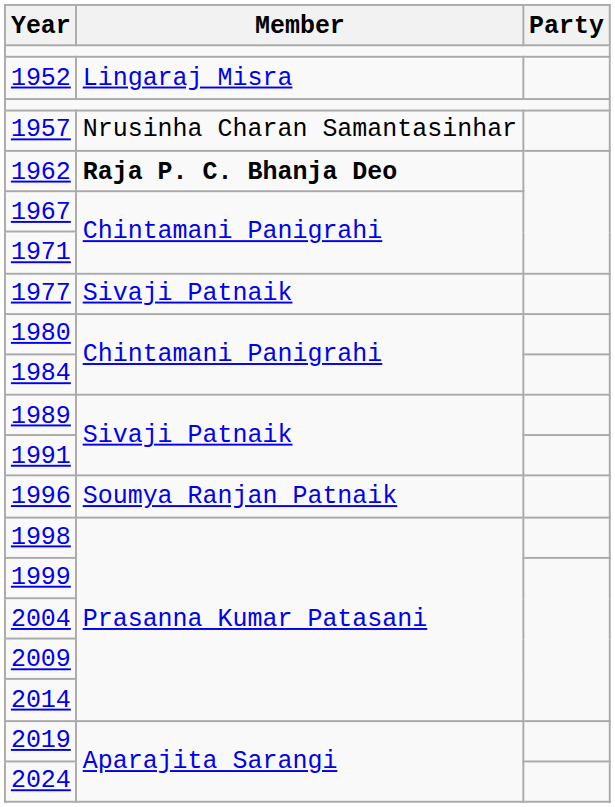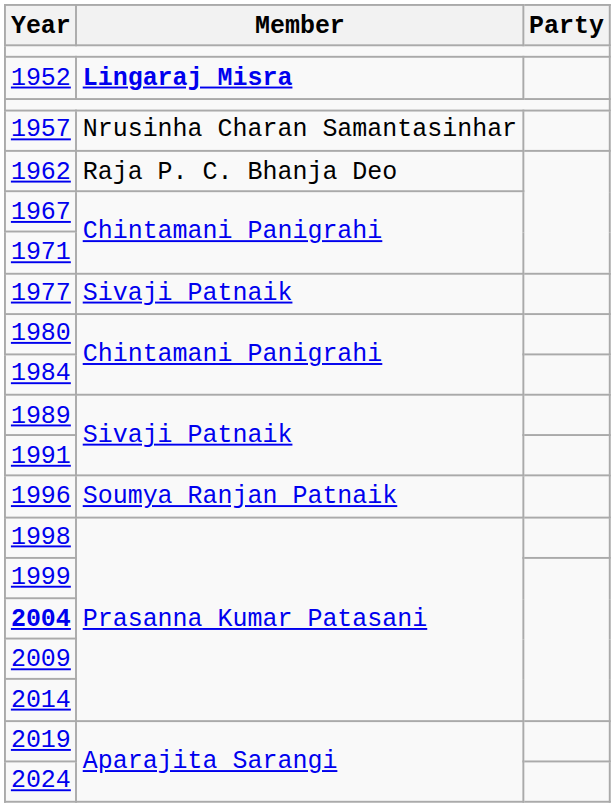 <table class="wikitable sortable">
 <tr>
 <th>Year</th>
 <th>Member</th>
 <th colspan="2">Party</th>
 </tr>
 <tr>
 <td colspan="4"></td>
 </tr>
 <tr>
 <td><a href='#'>1952</a></td>
-<td><a href='#'>Lingaraj Misra</a></td>
+<td><strong><a href='#'>Lingaraj Misra</a></strong></td>
 <td></td>
 </tr>
 <tr>
 <td colspan="4"></td>
 </tr>
 <tr>
 <td><a href='#'>1957</a></td>
 <td>Nrusinha Charan Samantasinhar</td>
 <td></td>
 </tr>
 <tr>
 <td><a href='#'>1962</a></td>
-<td><strong>Raja P. C. Bhanja Deo</strong></td>
+<td>Raja P. C. Bhanja Deo</td>
 </tr>
 <tr>
 <td><a href='#'>1967</a></td>
 <td rowspan="2"><a href='#'>Chintamani Panigrahi</a></td>
 </tr>
 <tr>
 <td><a href='#'>1971</a></td>
 </tr>
 <tr>
 <td><a href='#'>1977</a></td>
 <td><a href='#'>Sivaji Patnaik</a></td>
 <td></td>
 </tr>
 <tr>
 <td><a href='#'>1980</a></td>
 <td rowspan="2"><a href='#'>Chintamani Panigrahi</a></td>
 <td></td>
 </tr>
 <tr>
 <td><a href='#'>1984</a></td>
 </tr>
 <tr>
 <td><a href='#'>1989</a></td>
 <td rowspan="2"><a href='#'>Sivaji Patnaik</a></td>
 <td></td>
 </tr>
 <tr>
 <td><a href='#'>1991</a></td>
 </tr>
 <tr>
 <td><a href='#'>1996</a></td>
 <td><a href='#'>Soumya Ranjan Patnaik</a></td>
 <td></td>
 </tr>
 <tr>
 <td><a href='#'>1998</a></td>
 <td rowspan="5"><a href='#'>Prasanna Kumar Patasani</a></td>
 <td></td>
 </tr>
 <tr>
 <td><a href='#'>1999</a></td>
 </tr>
 <tr>
-<td><a href='#'>2004</a></td>
+<td><strong><a href='#'>2004</a></strong></td>
 </tr>
 <tr>
 <td><a href='#'>2009</a></td>
 </tr>
 <tr>
 <td><a href='#'>2014</a></td>
 </tr>
 <tr>
 <td><a href='#'>2019</a></td>
 <td rowspan=2><a href='#'>Aparajita Sarangi</a></td>
 <td></td>
 </tr>
 <tr>
 <td><a href='#'>2024</a></td>
 </tr>
 </table>
